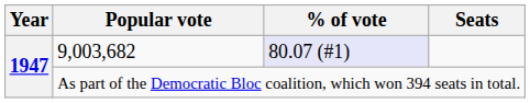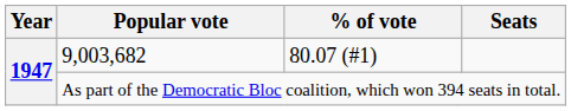 <table class="wikitable">
 <tr>
 <th>Year</th>
 <th>Popular vote</th>
 <th>% of vote</th>
 <th>Seats</th>
 </tr>
 <tr>
 <th rowspan="2"><a href='#'>1947</a></th>
 <td>9,003,682</td>
-<td style="background: lavender;">80.07 (#1)</td>
+<td>80.07 (#1)</td>
 <td></td>
 </tr>
 <tr>
 <td colspan="3"><small>As part of the <a href='#'>Democratic Bloc</a> coalition, which won 394 seats in total.</small></td>
 </tr>
 </table>
